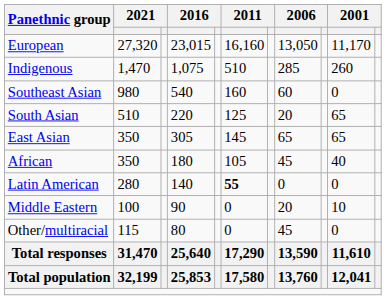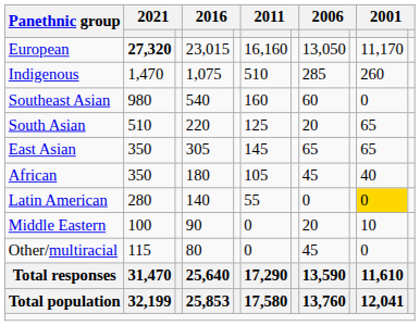 <table class="wikitable collapsible sortable">
 <tr>
 <th rowspan="2"><a href='#'>Panethnic</a> group</th>
 <th colspan="2">2021</th>
 <th colspan="2">2016</th>
 <th colspan="2">2011</th>
 <th colspan="2">2006</th>
 <th colspan="2">2001</th>
 </tr>
 <tr>
 <th><a href='#'></a></th>
 <th></th>
 <th></th>
 <th></th>
 <th></th>
 <th></th>
 <th></th>
 <th></th>
 <th></th>
 <th></th>
 </tr>
 <tr>
 <td><a href='#'>European</a></td>
-<td>27,320</td>
+<td><strong>27,320</strong></td>
 <td></td>
 <td>23,015</td>
 <td></td>
 <td>16,160</td>
 <td></td>
 <td>13,050</td>
 <td></td>
 <td>11,170</td>
 <td></td>
 </tr>
 <tr>
 <td><a href='#'>Indigenous</a></td>
 <td>1,470</td>
 <td></td>
 <td>1,075</td>
 <td></td>
 <td>510</td>
 <td></td>
 <td>285</td>
 <td></td>
 <td>260</td>
 <td></td>
 </tr>
 <tr>
 <td><a href='#'>Southeast Asian</a></td>
 <td>980</td>
 <td></td>
 <td>540</td>
 <td></td>
 <td>160</td>
 <td></td>
 <td>60</td>
 <td></td>
 <td>0</td>
 <td></td>
 </tr>
 <tr>
 <td><a href='#'>South Asian</a></td>
 <td>510</td>
 <td></td>
 <td>220</td>
 <td></td>
 <td>125</td>
 <td></td>
 <td>20</td>
 <td></td>
 <td>65</td>
 <td></td>
 </tr>
 <tr>
 <td><a href='#'>East Asian</a></td>
 <td>350</td>
 <td></td>
 <td>305</td>
 <td></td>
 <td>145</td>
 <td></td>
 <td>65</td>
 <td></td>
 <td>65</td>
 <td></td>
 </tr>
 <tr>
 <td><a href='#'>African</a></td>
 <td>350</td>
 <td></td>
 <td>180</td>
 <td></td>
 <td>105</td>
 <td></td>
 <td>45</td>
 <td></td>
 <td>40</td>
 <td></td>
 </tr>
 <tr>
 <td><a href='#'>Latin American</a></td>
 <td>280</td>
 <td></td>
 <td>140</td>
 <td></td>
-<td><strong>55</strong></td>
+<td>55</td>
 <td></td>
 <td>0</td>
 <td></td>
-<td>0</td>
+<td style="background: gold;">0</td>
 <td></td>
 </tr>
 <tr>
 <td><a href='#'>Middle Eastern</a></td>
 <td>100</td>
 <td></td>
 <td>90</td>
 <td></td>
 <td>0</td>
 <td></td>
 <td>20</td>
 <td></td>
 <td>10</td>
 <td></td>
 </tr>
 <tr>
 <td>Other/<a href='#'>multiracial</a></td>
 <td>115</td>
 <td></td>
 <td>80</td>
 <td></td>
 <td>0</td>
 <td></td>
 <td>45</td>
 <td></td>
 <td>0</td>
 <td></td>
 </tr>
 <tr>
 <th>Total responses</th>
 <th>31,470</th>
 <th></th>
 <th>25,640</th>
 <th></th>
 <th>17,290</th>
 <th></th>
 <th>13,590</th>
 <th></th>
 <th>11,610</th>
 <th></th>
 </tr>
 <tr class="sortbottom">
 <th>Total population</th>
 <th>32,199</th>
 <th></th>
 <th>25,853</th>
 <th></th>
 <th>17,580</th>
 <th></th>
 <th>13,760</th>
 <th></th>
 <th>12,041</th>
 <th></th>
 </tr>
 <tr class="sortbottom">
 <td colspan="15"></td>
 </tr>
 </table>
